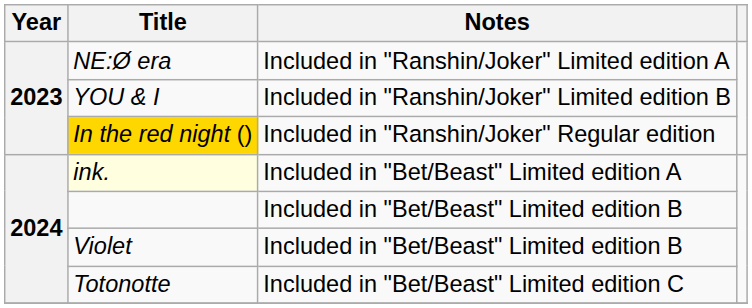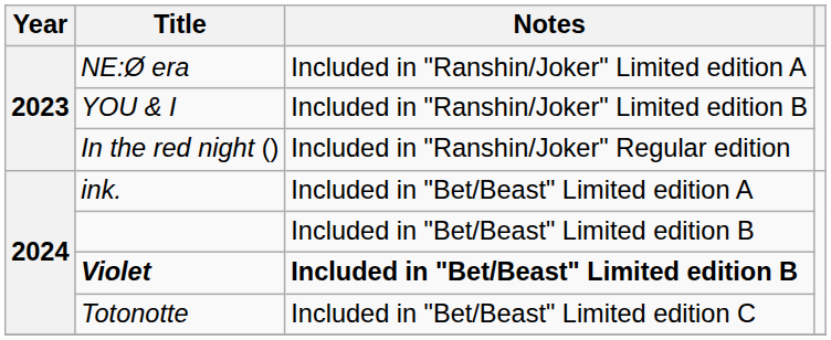 <table class="wikitable">
 <tr>
 <th>Year</th>
 <th>Title</th>
 <th>Notes</th>
 <th></th>
 </tr>
 <tr>
 <th rowspan="3">2023</th>
 <td><em>NE:Ø era</em></td>
 <td>Included in "Ranshin/Joker" Limited edition A</td>
 <td rowspan="3"></td>
 </tr>
 <tr>
 <td><em>YOU & I</em></td>
 <td>Included in "Ranshin/Joker" Limited edition B</td>
 </tr>
 <tr>
-<td style="background: gold;"><em>In the red night</em> ()</td>
+<td><em>In the red night</em> ()</td>
 <td>Included in "Ranshin/Joker" Regular edition</td>
 </tr>
 <tr>
 <th rowspan="4">2024</th>
-<td style="background: lightyellow;"><em>ink.</em></td>
+<td><em>ink.</em></td>
 <td>Included in "Bet/Beast" Limited edition A</td>
 <td rowspan="4"></td>
 </tr>
 <tr>
 <td><em></em></td>
 <td>Included in "Bet/Beast" Limited edition B</td>
 </tr>
 <tr>
-<td><em>Violet</em></td>
-<td>Included in "Bet/Beast" Limited edition B</td>
+<td><strong><em>Violet</em></strong></td>
+<td><strong>Included in "Bet/Beast" Limited edition B</strong></td>
 </tr>
 <tr>
 <td><em>Totonotte</em></td>
 <td>Included in "Bet/Beast" Limited edition C</td>
 </tr>
 <tr>
 </tr>
 </table>
